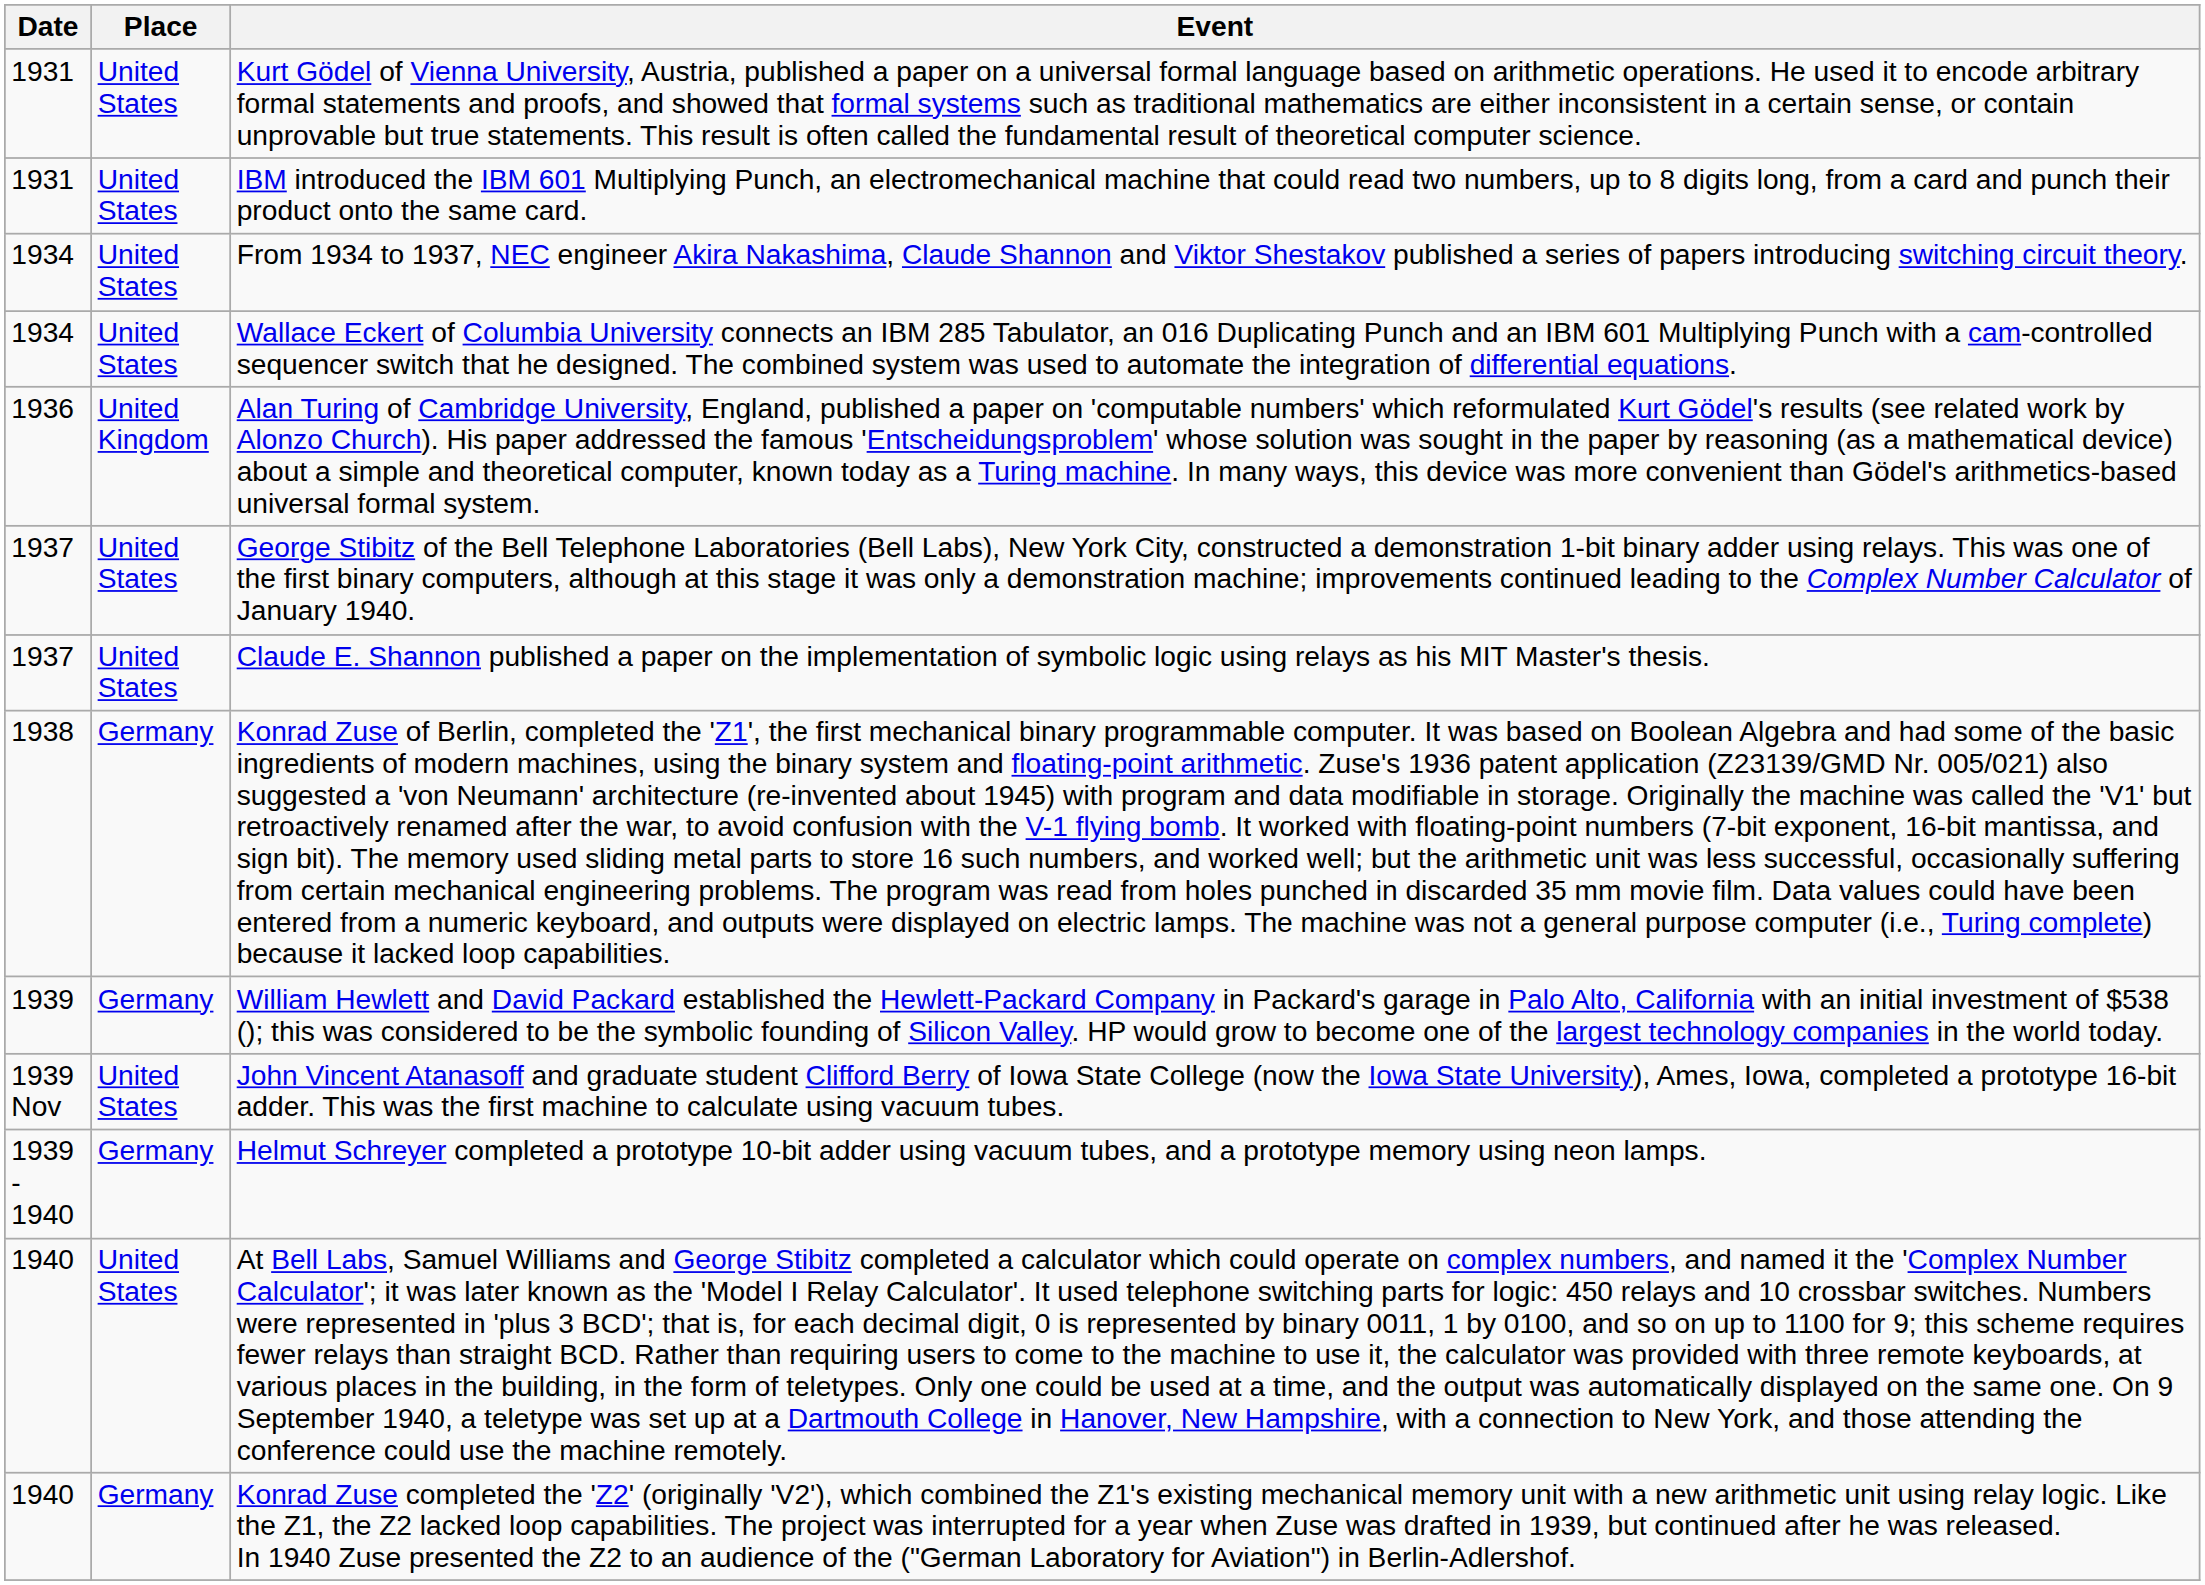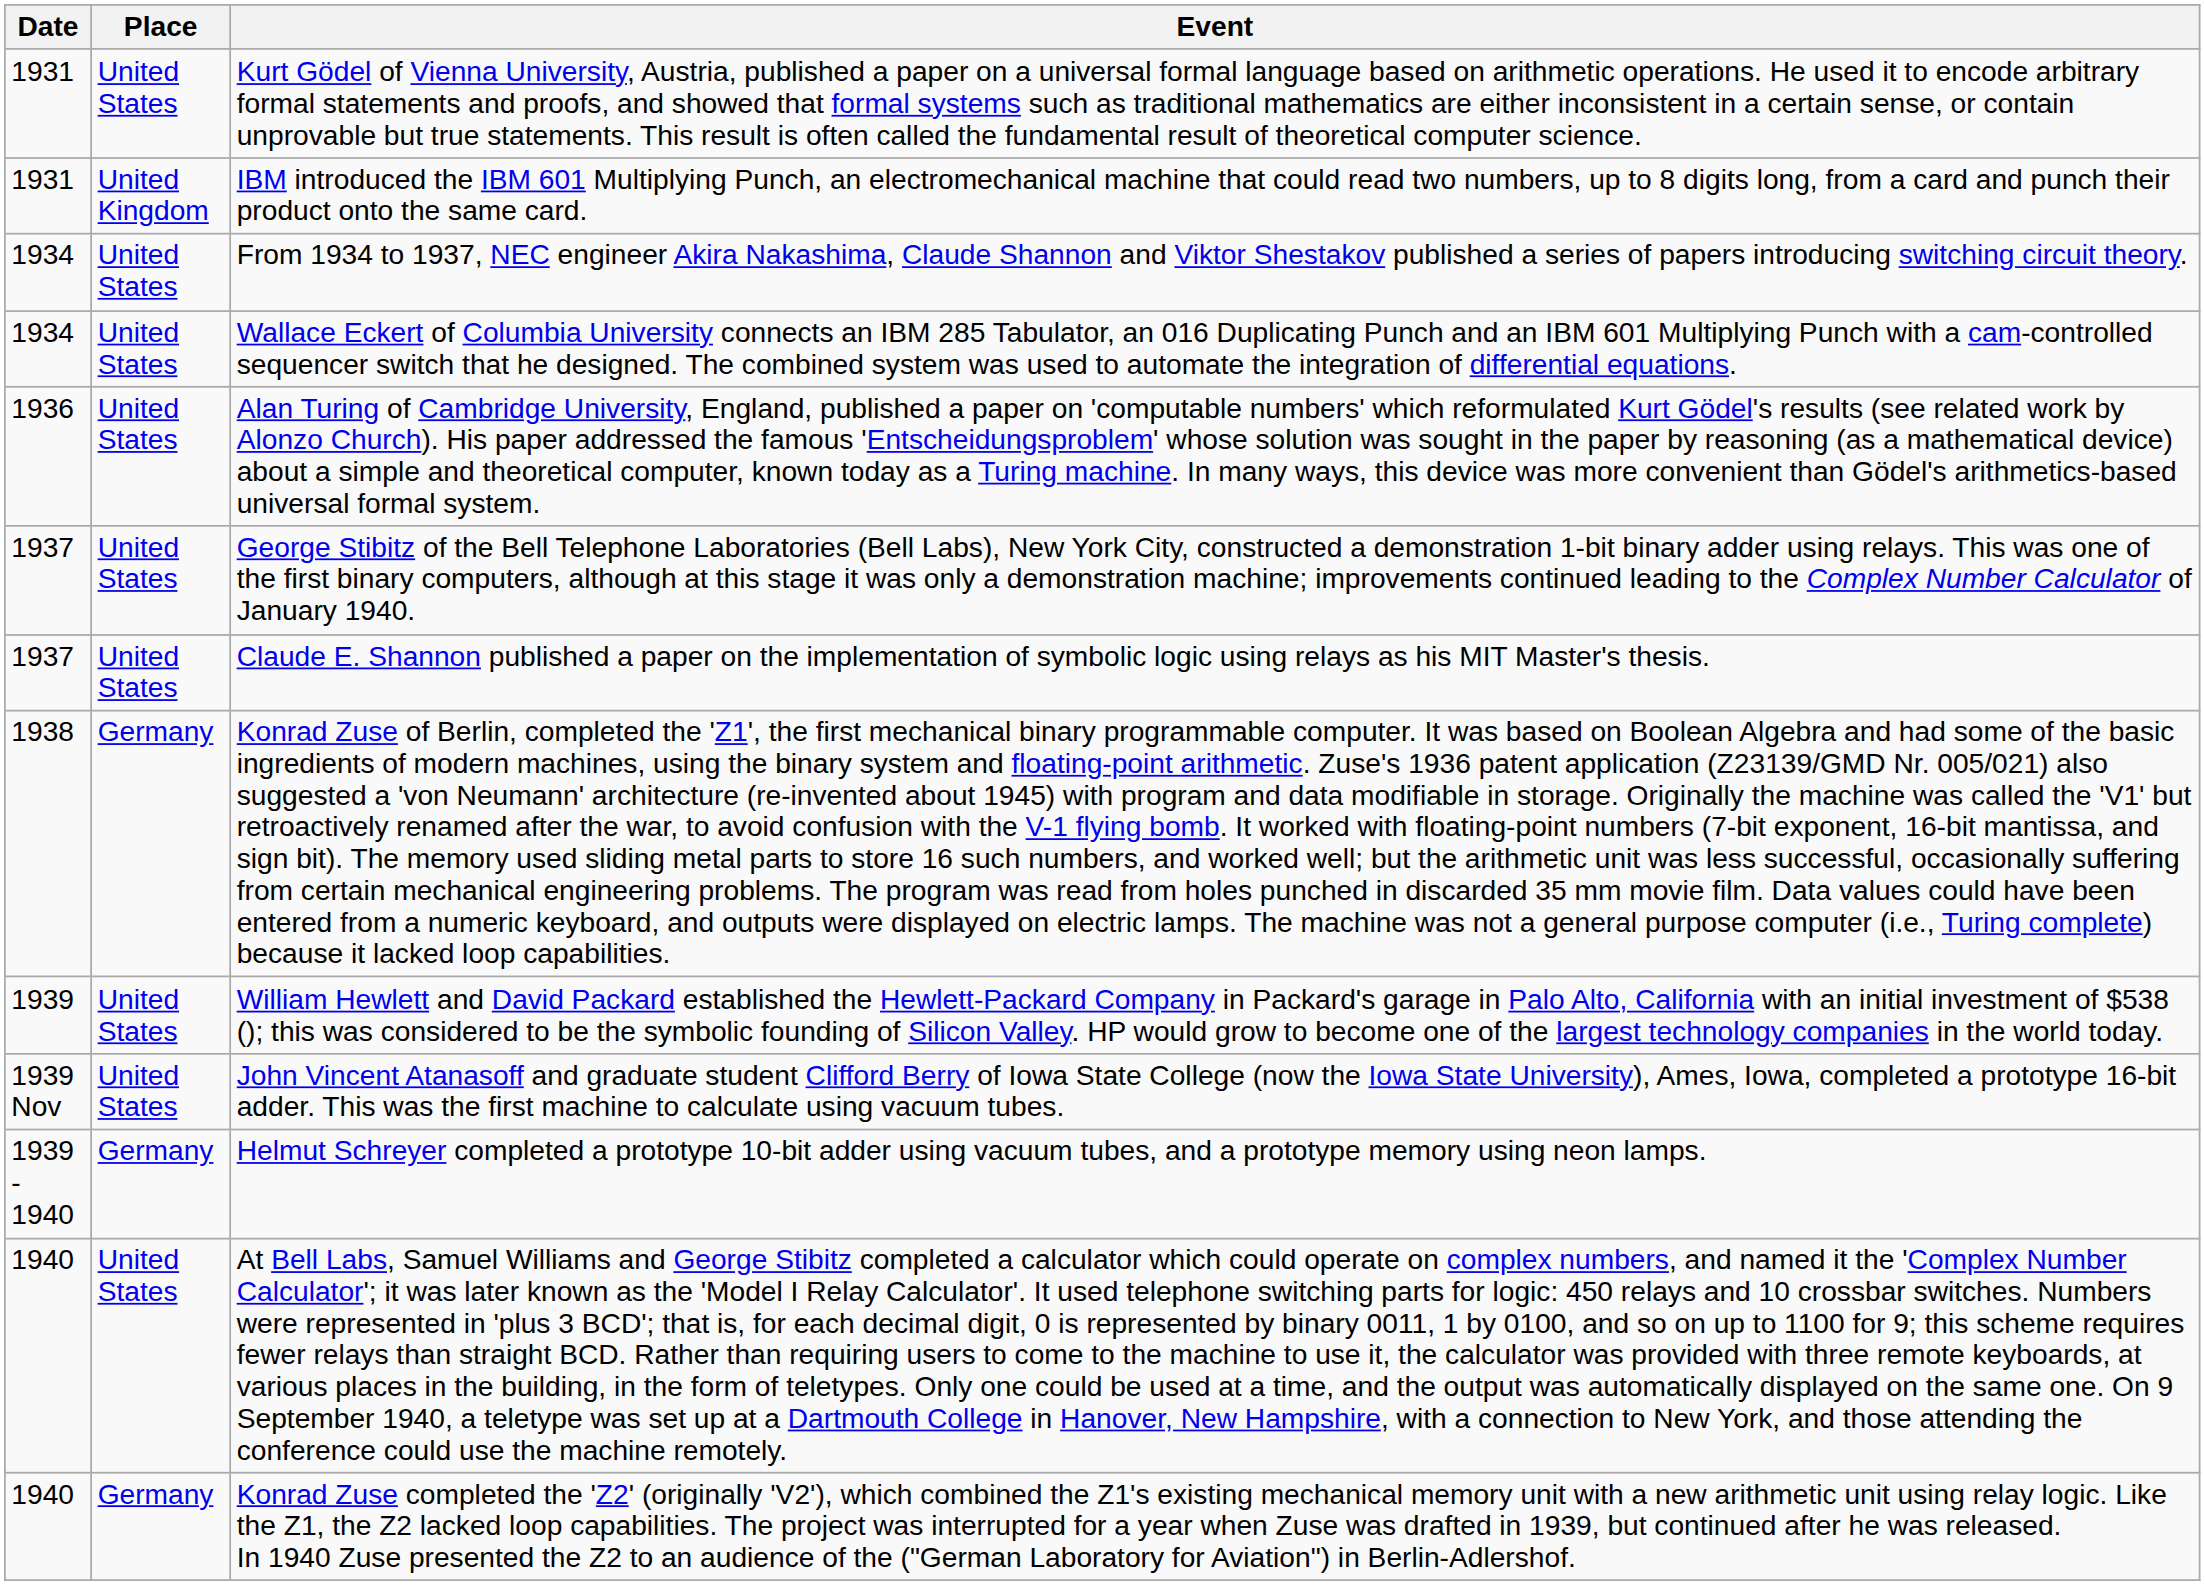 <table class="wikitable sortable">
 <tr>
 <th>Date</th>
 <th class="unsortable">Place</th>
 <th class="unsortable">Event</th>
 </tr>
 <tr valign="top">
 <td>1931</td>
 <td><a href='#'>United States</a></td>
 <td><a href='#'>Kurt Gödel</a> of <a href='#'>Vienna University</a>, Austria, published a paper on a universal formal language based on arithmetic operations. He used it to encode arbitrary formal statements and proofs, and showed that <a href='#'>formal systems</a> such as traditional mathematics are either inconsistent in a certain sense, or contain unprovable but true statements. This result is often called the fundamental result of theoretical computer science.</td>
 </tr>
 <tr valign="top">
 <td>1931</td>
-<td><a href='#'>United States</a></td>
+<td><a href='#'>United Kingdom</a></td>
 <td><a href='#'>IBM</a> introduced the <a href='#'>IBM 601</a> Multiplying Punch, an electromechanical machine that could read two numbers, up to 8 digits long, from a card and punch their product onto the same card.</td>
 </tr>
 <tr valign="top">
 <td>1934</td>
 <td><a href='#'>United States</a></td>
 <td>From 1934 to 1937, <a href='#'>NEC</a> engineer <a href='#'>Akira Nakashima</a>, <a href='#'>Claude Shannon</a> and <a href='#'>Viktor Shestakov</a>  published a series of papers introducing <a href='#'>switching circuit theory</a>.</td>
 </tr>
 <tr valign="top">
 <td>1934</td>
 <td><a href='#'>United States</a></td>
 <td><a href='#'>Wallace Eckert</a> of <a href='#'>Columbia University</a> connects an IBM 285 Tabulator, an 016 Duplicating Punch and an IBM 601 Multiplying Punch with a <a href='#'>cam</a>-controlled sequencer switch that he designed. The combined system was used to automate the integration of <a href='#'>differential equations</a>.</td>
 </tr>
 <tr valign="top">
 <td>1936</td>
-<td><a href='#'>United Kingdom</a></td>
+<td><a href='#'>United States</a></td>
 <td><a href='#'>Alan Turing</a> of <a href='#'>Cambridge University</a>, England, published a paper on 'computable numbers' which reformulated <a href='#'>Kurt Gödel</a>'s results (see related work by <a href='#'>Alonzo Church</a>). His paper addressed the famous '<a href='#'>Entscheidungsproblem</a>' whose solution was sought in the paper by reasoning (as a mathematical device) about a simple and theoretical computer, known today as a <a href='#'>Turing machine</a>. In many ways, this device was more convenient than Gödel's arithmetics-based universal formal system.</td>
 </tr>
 <tr valign="top">
 <td>1937</td>
 <td><a href='#'>United States</a></td>
 <td><a href='#'>George Stibitz</a> of the Bell Telephone Laboratories (Bell Labs), New York City, constructed a demonstration 1-bit binary adder using relays. This was one of the first binary computers, although at this stage it was only a demonstration machine; improvements continued leading to the <em><a href='#'>Complex Number Calculator</a></em> of January 1940.</td>
 </tr>
 <tr valign="top">
 <td>1937</td>
 <td><a href='#'>United States</a></td>
 <td><a href='#'>Claude E. Shannon</a> published a paper on the implementation of symbolic logic using relays as his MIT Master's thesis.</td>
 </tr>
 <tr valign="top">
 <td>1938</td>
 <td><a href='#'>Germany</a></td>
 <td><a href='#'>Konrad Zuse</a> of Berlin, completed the '<a href='#'>Z1</a>', the first mechanical binary programmable computer. It was based on Boolean Algebra and had some of the basic ingredients of modern machines, using the binary system and <a href='#'>floating-point arithmetic</a>. Zuse's 1936 patent application (Z23139/GMD Nr. 005/021) also suggested a 'von Neumann' architecture (re-invented about 1945) with program and data modifiable in storage. Originally the machine was called the 'V1' but retroactively renamed after the war, to avoid confusion with the <a href='#'>V-1 flying bomb</a>. It worked with floating-point numbers (7-bit exponent, 16-bit mantissa, and sign bit). The memory used sliding metal parts to store 16 such numbers, and worked well; but the arithmetic unit was less successful, occasionally suffering from certain mechanical engineering problems. The program was read from holes punched in discarded 35 mm movie film. Data values could have been entered from a numeric keyboard, and outputs were displayed on electric lamps. The machine was not a general purpose computer (i.e., <a href='#'>Turing complete</a>) because it lacked loop capabilities.</td>
 </tr>
 <tr valign="top">
 <td>1939</td>
-<td><a href='#'>Germany</a></td>
+<td><a href='#'>United States</a></td>
 <td><a href='#'>William Hewlett</a> and <a href='#'>David Packard</a> established the <a href='#'>Hewlett-Packard Company</a> in Packard's garage in <a href='#'>Palo Alto, California</a> with an initial investment of $538 (); this was considered to be the symbolic founding of <a href='#'>Silicon Valley</a>. HP would grow to become one of the <a href='#'>largest technology companies</a> in the world today.</td>
 </tr>
 <tr valign="top">
 <td>1939<br>Nov</td>
 <td><a href='#'>United States</a></td>
 <td><a href='#'>John Vincent Atanasoff</a> and graduate student <a href='#'>Clifford Berry</a> of Iowa State College (now the <a href='#'>Iowa State University</a>), Ames, Iowa, completed a prototype 16-bit adder. This was the first machine to calculate using vacuum tubes.</td>
 </tr>
 <tr valign="top">
 <td>1939 - 1940</td>
 <td><a href='#'>Germany</a></td>
 <td><a href='#'>Helmut Schreyer</a> completed a prototype 10-bit adder using vacuum tubes, and a prototype memory using neon lamps.</td>
 </tr>
 <tr valign="top">
 <td>1940</td>
 <td><a href='#'>United States</a></td>
 <td>At <a href='#'>Bell Labs</a>, Samuel Williams and <a href='#'>George Stibitz</a> completed a calculator which could operate on <a href='#'>complex numbers</a>, and named it the '<a href='#'>Complex Number Calculator</a>'; it was later known as the 'Model I Relay Calculator'. It used telephone switching parts for logic: 450 relays and 10 crossbar switches. Numbers were represented in 'plus 3 BCD'; that is, for each decimal digit, 0 is represented by binary 0011, 1 by 0100, and so on up to 1100 for 9; this scheme requires fewer relays than straight BCD. Rather than requiring users to come to the machine to use it, the calculator was provided with three remote keyboards, at various places in the building, in the form of teletypes. Only one could be used at a time, and the output was automatically displayed on the same one. On 9 September 1940, a teletype was set up at a <a href='#'>Dartmouth College</a> in <a href='#'>Hanover, New Hampshire</a>, with a connection to New York, and those attending the conference could use the machine remotely.</td>
 </tr>
 <tr valign="top">
 <td>1940</td>
 <td><a href='#'>Germany</a></td>
 <td><a href='#'>Konrad Zuse</a> completed the '<a href='#'>Z2</a>' (originally 'V2'), which combined the Z1's existing mechanical memory unit with a new arithmetic unit using relay logic. Like the Z1, the Z2 lacked loop capabilities. The project was interrupted for a year when Zuse was drafted in 1939, but continued after he was released.<br>In 1940 Zuse presented the Z2 to an audience of the  ("German Laboratory for Aviation") in Berlin-Adlershof.</td>
 </tr>
 </table>
